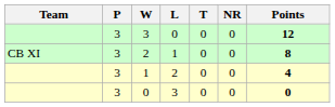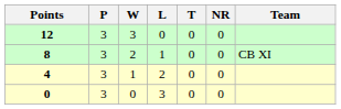 <table class="wikitable" style="text-align:center;">
 <tr>
-<th width=120>Team</th>
+<th width=100 abbr="Points">Points</th>
 <th width=30 abbr="Played">P</th>
 <th width=30 abbr="Won">W</th>
 <th width=30 abbr="Lost">L</th>
 <th width=30 abbr="Tied">T</th>
 <th width=30 abbr="No result">NR</th>
-<th width=100 abbr="Points">Points</th>
+<th width=120>Team</th>
 </tr>
 <tr bgcolor=ccffcc>
-<td align="left"></td>
+<td><strong>12</strong></td>
 <td>3</td>
 <td>3</td>
 <td>0</td>
 <td>0</td>
 <td>0</td>
-<td><strong>12</strong></td>
+<td align="left"></td>
 </tr>
 <tr bgcolor=ccffcc>
-<td align="left"> CB XI</td>
+<td><strong>8</strong></td>
 <td>3</td>
 <td>2</td>
 <td>1</td>
 <td>0</td>
 <td>0</td>
-<td><strong>8</strong></td>
+<td align="left"> CB XI</td>
 </tr>
 <tr bgcolor=ffffcc>
-<td align="left"></td>
+<td><strong>4</strong></td>
 <td>3</td>
 <td>1</td>
 <td>2</td>
 <td>0</td>
 <td>0</td>
-<td><strong>4</strong></td>
+<td align="left"></td>
 </tr>
 <tr bgcolor=ffffcc>
-<td align="left"></td>
+<td><strong>0</strong></td>
 <td>3</td>
 <td>0</td>
 <td>3</td>
 <td>0</td>
 <td>0</td>
-<td><strong>0</strong></td>
+<td align="left"></td>
 </tr>
 </table>
